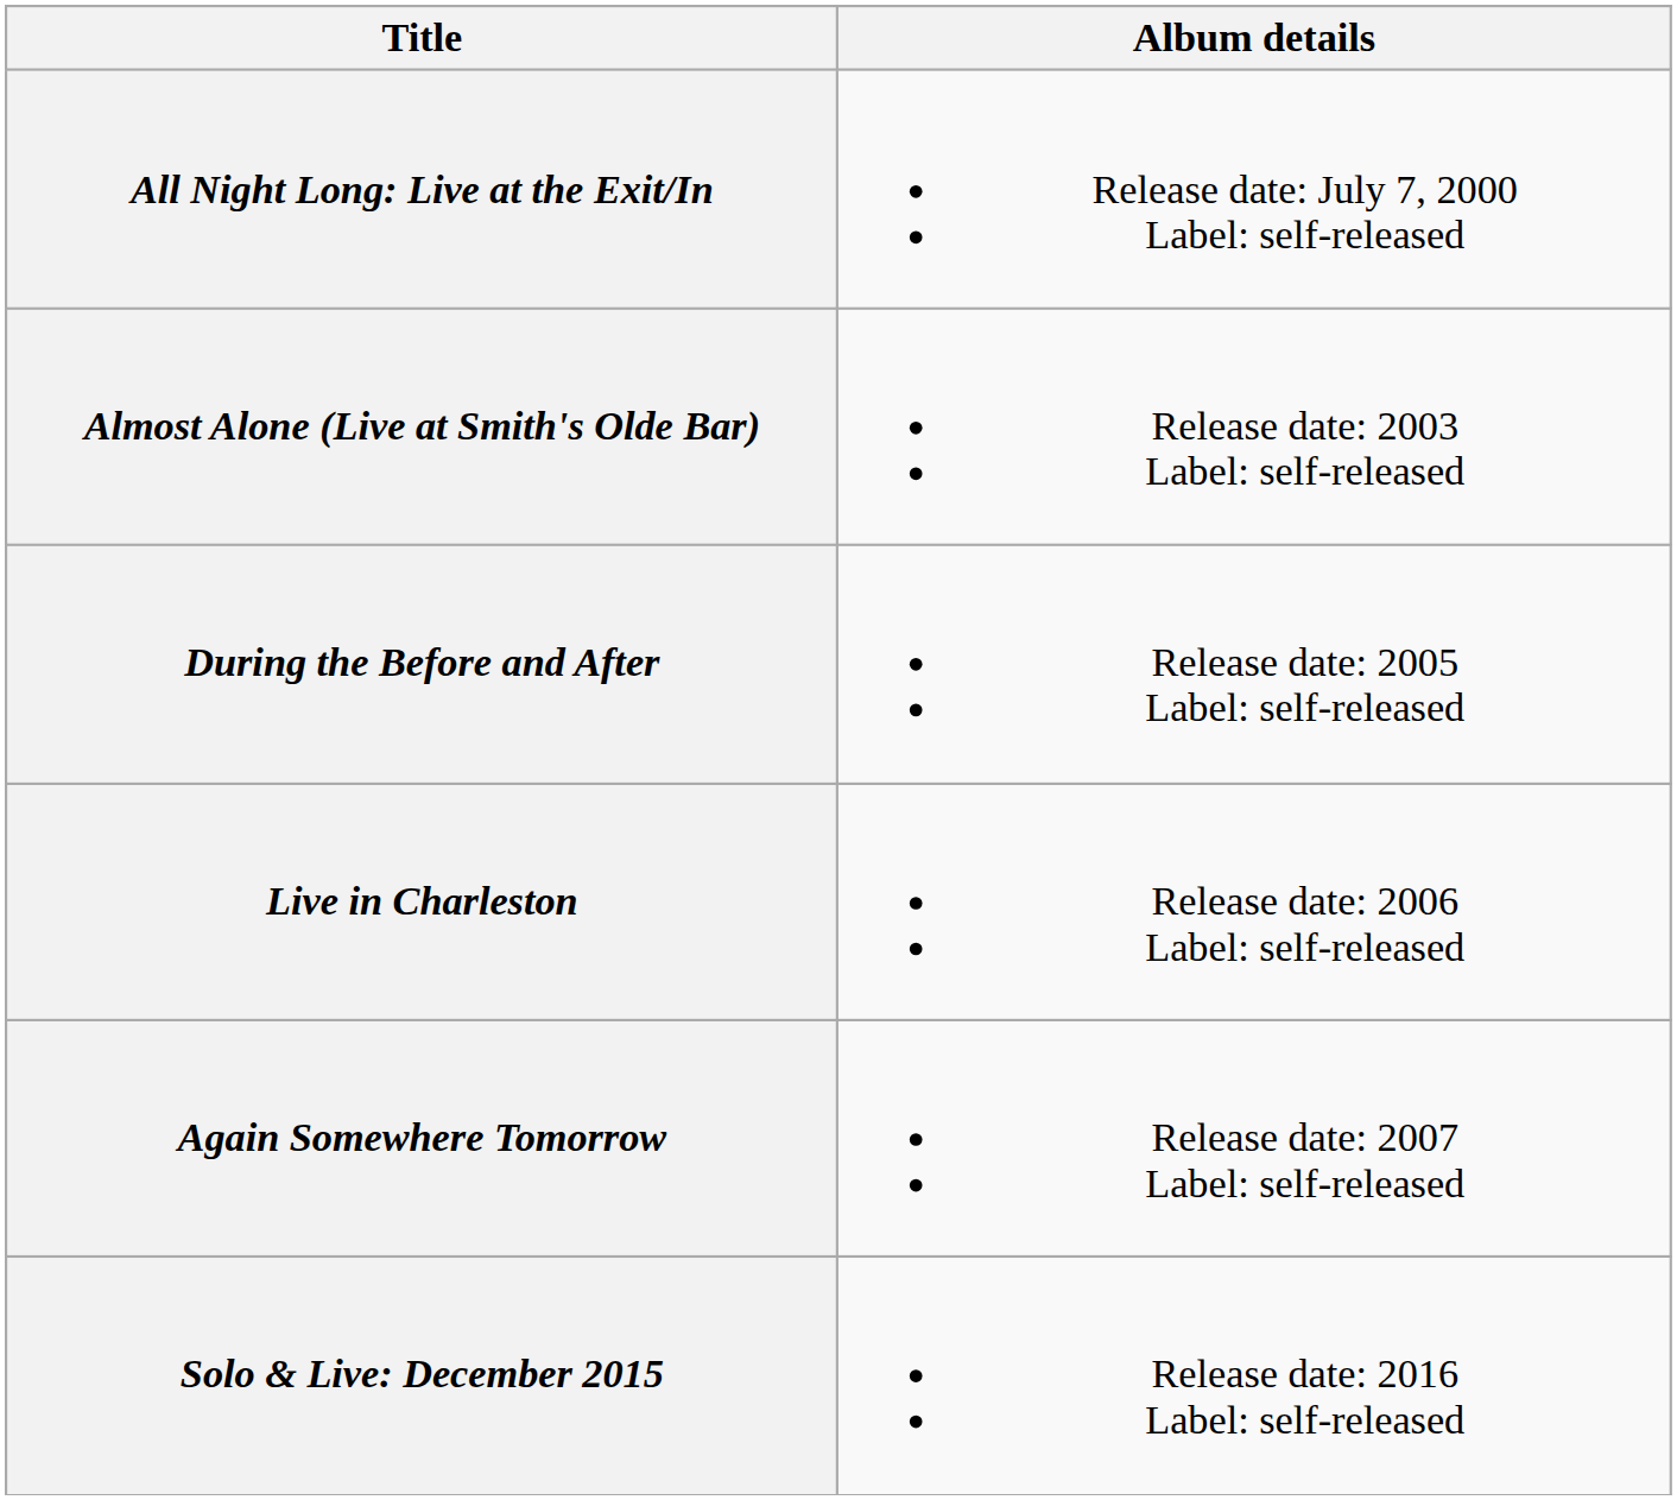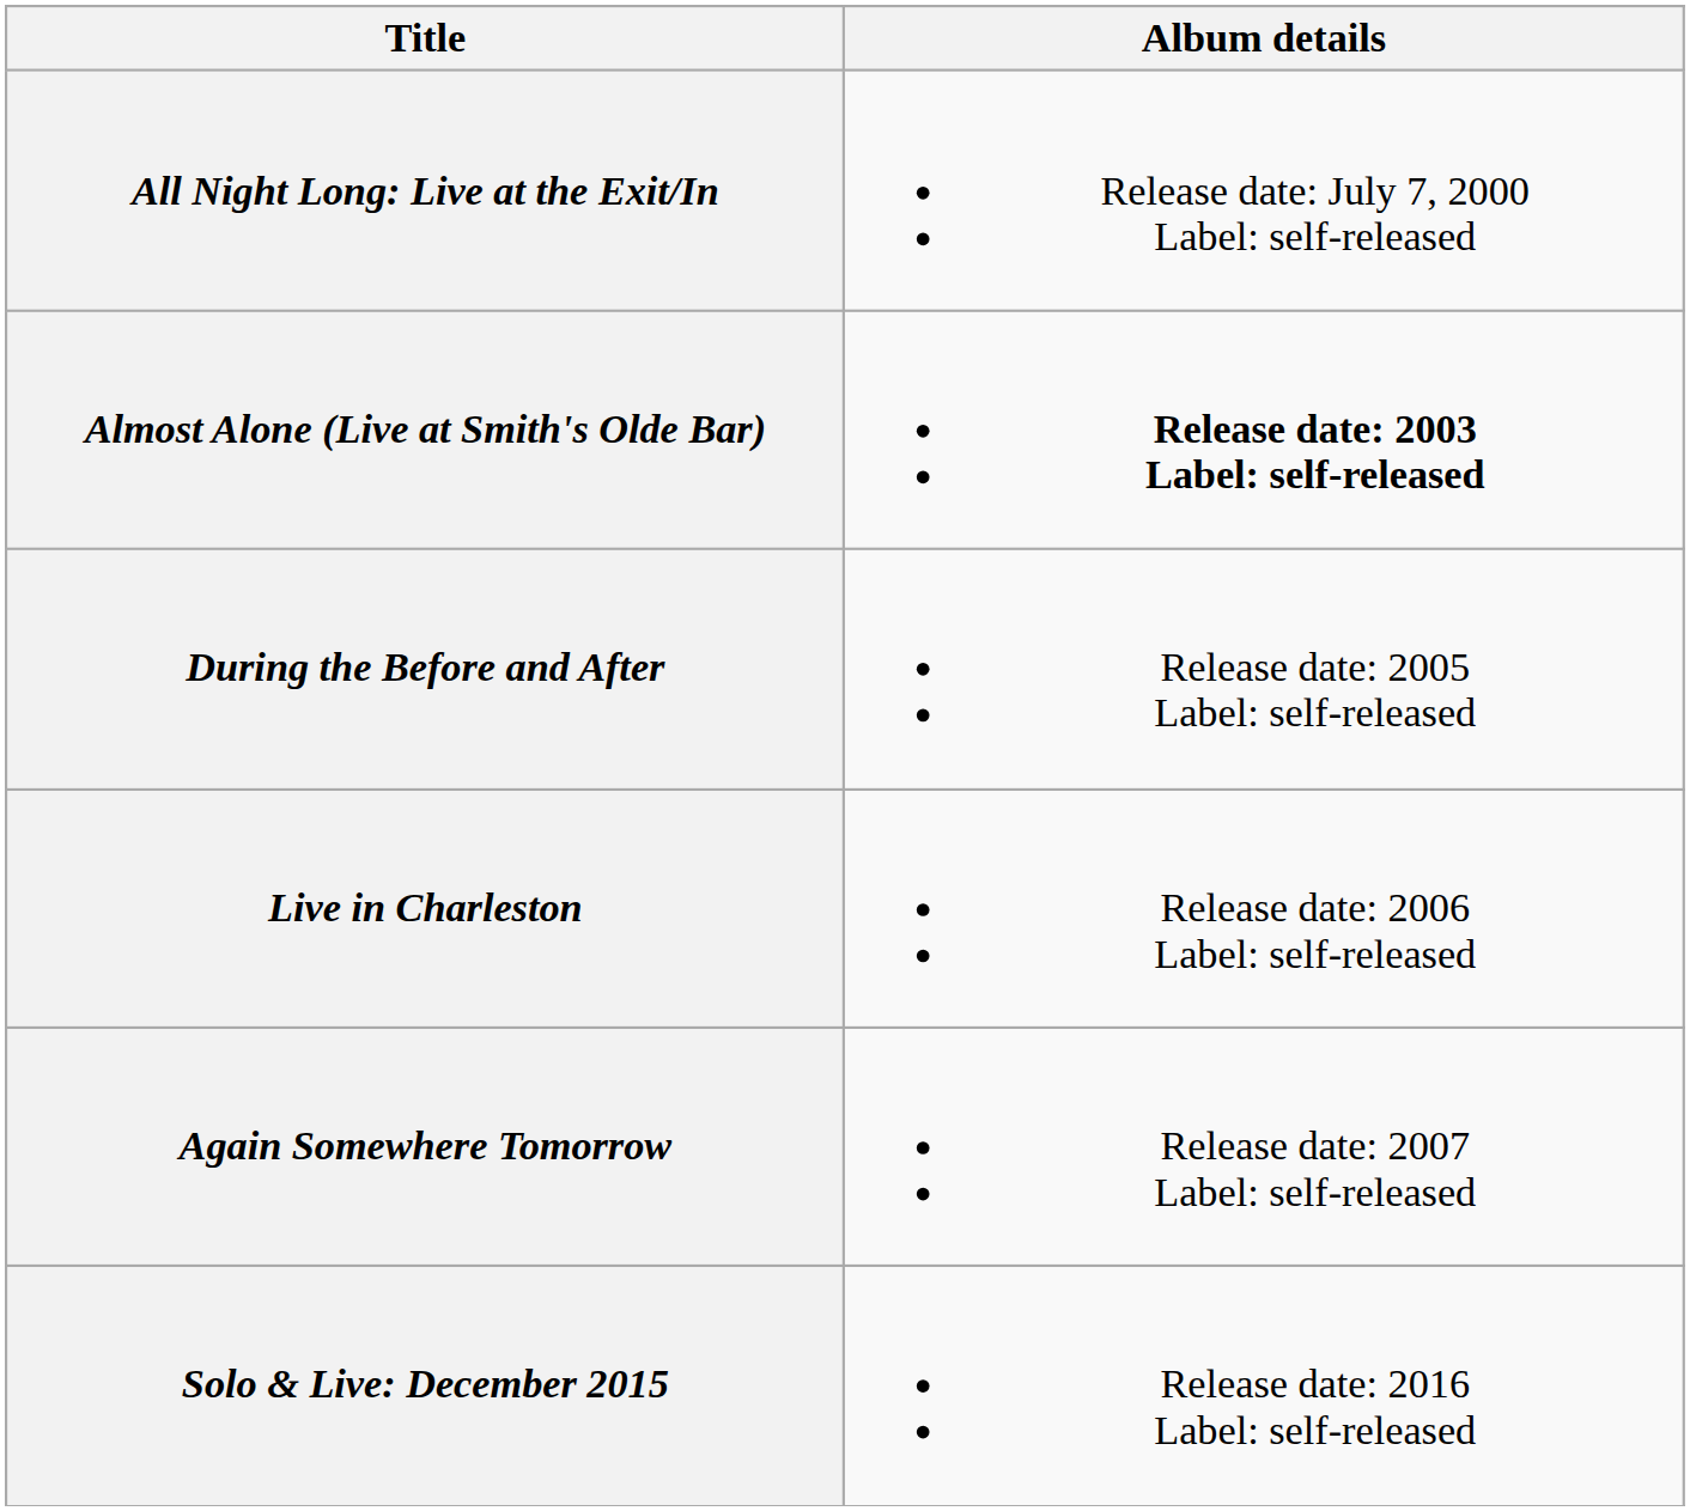 <table class="wikitable plainrowheaders" style="text-align:center;">
 <tr>
 <th style="width:20em;">Title</th>
 <th style="width:20em;">Album details</th>
 </tr>
 <tr>
 <th scope="row"><em>All Night Long: Live at the Exit/In</em></th>
 <td><br><ul><li>Release date: July 7, 2000</li><li>Label: self-released</li></ul></td>
 </tr>
 <tr>
 <th scope="row"><em>Almost Alone (Live at Smith's Olde Bar)</em></th>
-<td><br><ul><li>Release date: 2003</li><li>Label: self-released</li></ul></td>
+<td><strong><br><ul><li>Release date: 2003</li><li>Label: self-released</li></ul></strong></td>
 </tr>
 <tr>
 <th scope="row"><em>During the Before and After</em></th>
 <td><br><ul><li>Release date: 2005</li><li>Label: self-released</li></ul></td>
 </tr>
 <tr>
 <th scope="row"><em>Live in Charleston</em></th>
 <td><br><ul><li>Release date: 2006</li><li>Label: self-released</li></ul></td>
 </tr>
 <tr>
 <th scope="row"><em>Again Somewhere Tomorrow</em></th>
 <td><br><ul><li>Release date: 2007</li><li>Label: self-released</li></ul></td>
 </tr>
 <tr>
 <th scope="row"><em>Solo & Live: December 2015</em></th>
 <td><br><ul><li>Release date: 2016</li><li>Label: self-released</li></ul></td>
 </tr>
 <tr>
 </tr>
 </table>
